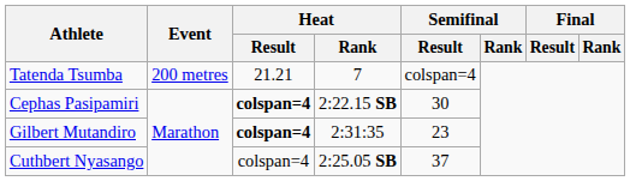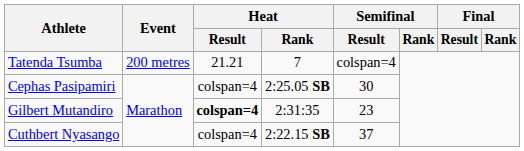 <table class="wikitable" style="font-size:90%">
 <tr>
 <th rowspan="2">Athlete</th>
 <th rowspan="2">Event</th>
 <th colspan="2">Heat</th>
 <th colspan="2">Semifinal</th>
 <th colspan="2">Final</th>
 </tr>
 <tr style="font-size:95%">
 <th>Result</th>
 <th>Rank</th>
 <th>Result</th>
 <th>Rank</th>
 <th>Result</th>
 <th>Rank</th>
 </tr>
 <tr style=text-align:center>
 <td style=text-align:left><a href='#'>Tatenda Tsumba</a></td>
 <td style=text-align:left><a href='#'>200 metres</a></td>
 <td>21.21</td>
 <td>7</td>
 <td>colspan=4 </td>
 </tr>
 <tr style=text-align:center>
 <td style=text-align:left><a href='#'>Cephas Pasipamiri</a></td>
 <td style=text-align:left rowspan=3><a href='#'>Marathon</a></td>
-<td><strong>colspan=4 </strong></td>
-<td>2:22.15 <strong>SB</strong></td>
+<td>colspan=4 </td>
+<td>2:25.05 <strong>SB</strong></td>
 <td>30</td>
 </tr>
 <tr style=text-align:center>
 <td style=text-align:left><a href='#'>Gilbert Mutandiro</a></td>
 <td><strong>colspan=4 </strong></td>
 <td>2:31:35</td>
 <td>23</td>
 </tr>
 <tr style=text-align:center>
 <td style=text-align:left><a href='#'>Cuthbert Nyasango</a></td>
 <td>colspan=4 </td>
-<td>2:25.05 <strong>SB</strong></td>
+<td>2:22.15 <strong>SB</strong></td>
 <td>37</td>
 </tr>
 </table>
